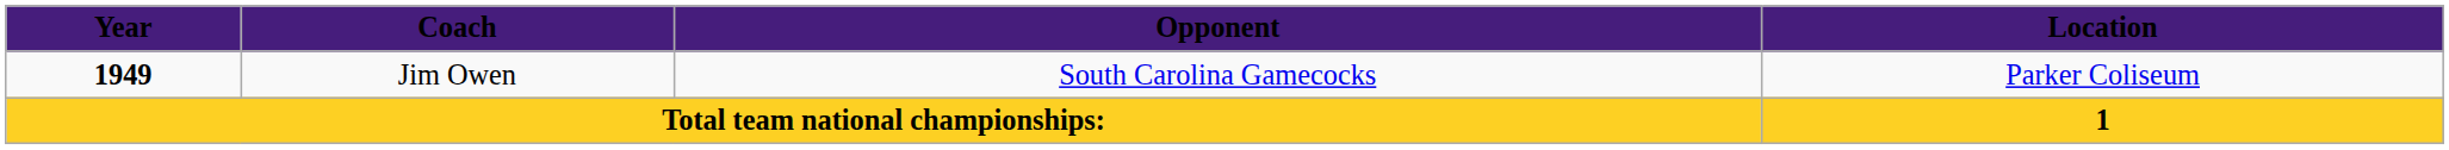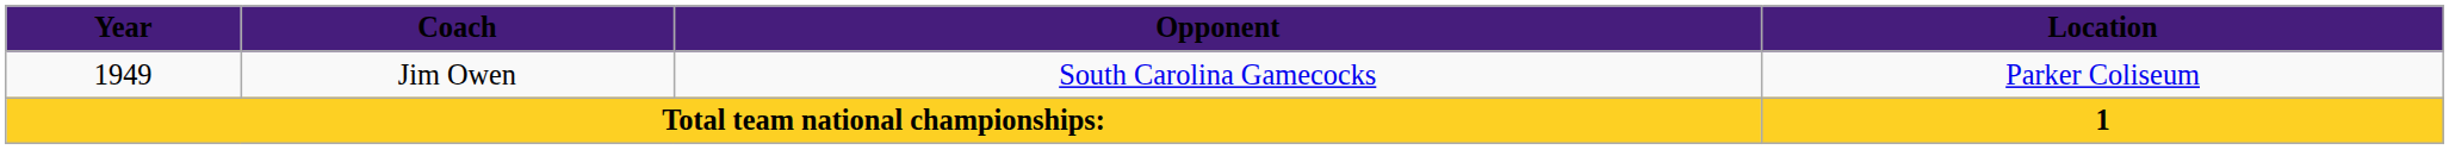 <table class="wikitable" style="width:85%;">
 <tr>
 <th style="background:#461d7c; text-align:center;"><span>Year</span></th>
 <th style="background:#461d7c; text-align:center;"><span>Coach</span></th>
 <th style="background:#461d7c; text-align:center;"><span>Opponent</span></th>
 <th style="background:#461d7c; text-align:center;"><span>Location</span></th>
 </tr>
 <tr style="text-align:center;">
-<td><strong>1949</strong></td>
+<td>1949</td>
 <td>Jim Owen</td>
 <td><a href='#'>South Carolina Gamecocks</a></td>
 <td><a href='#'>Parker Coliseum</a></td>
 </tr>
 <tr style="text-align:center;">
 <th style="background:#fdd023; color:#000;" colspan="3"><strong>Total team national championships:</strong></th>
 <th style="background:#fdd023; color:#000;" colspan="2"><strong>1</strong></th>
 </tr>
 </table>
